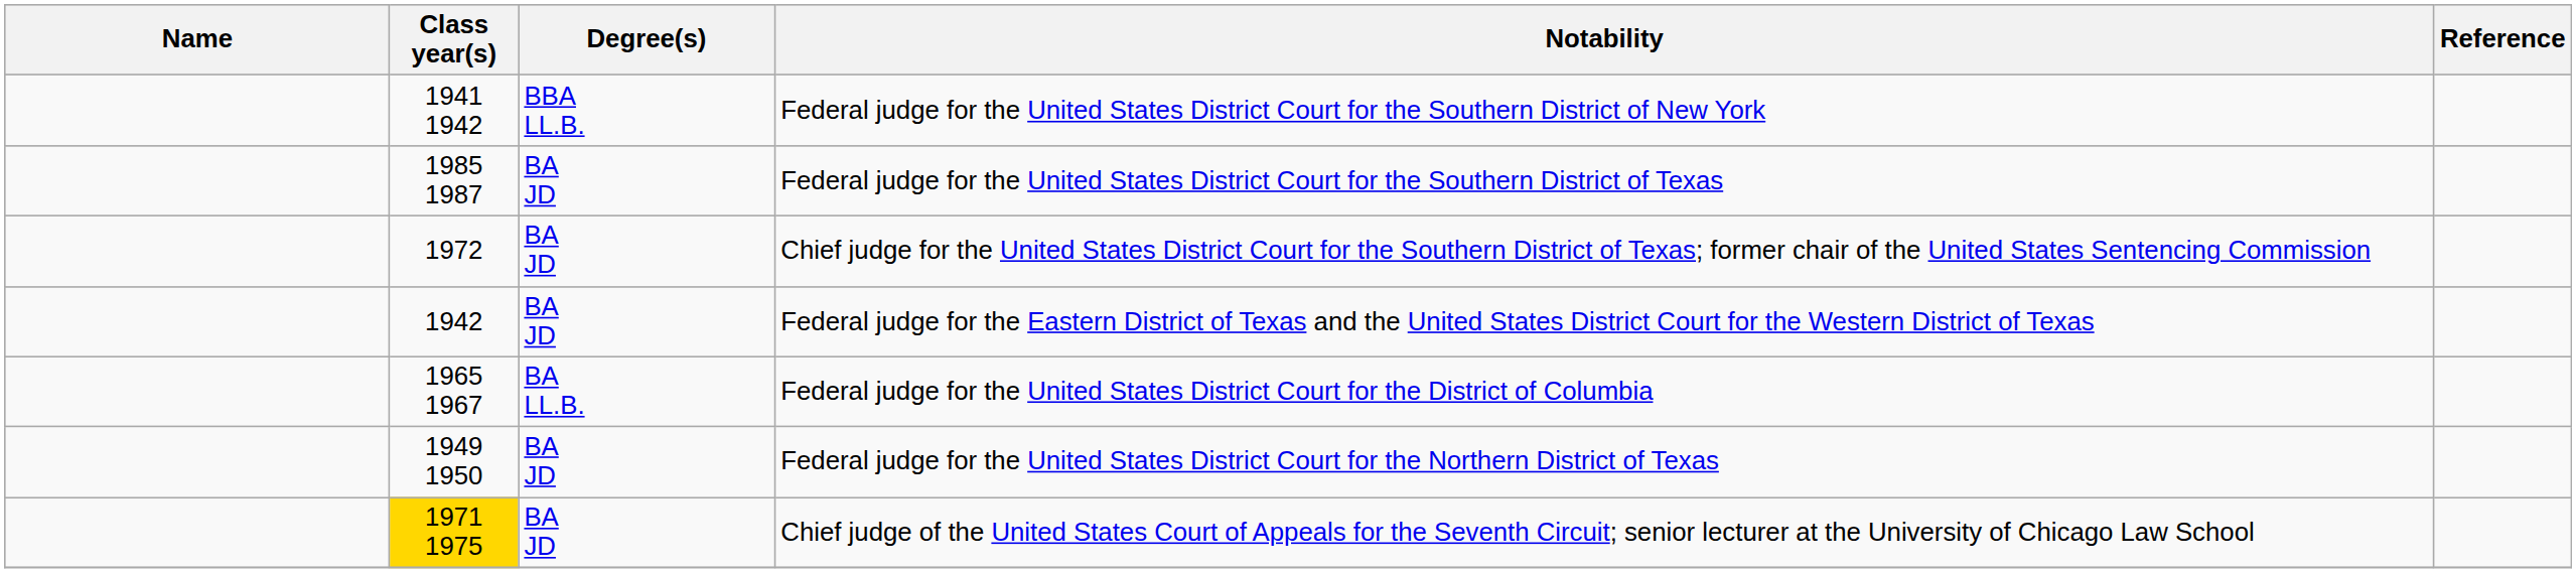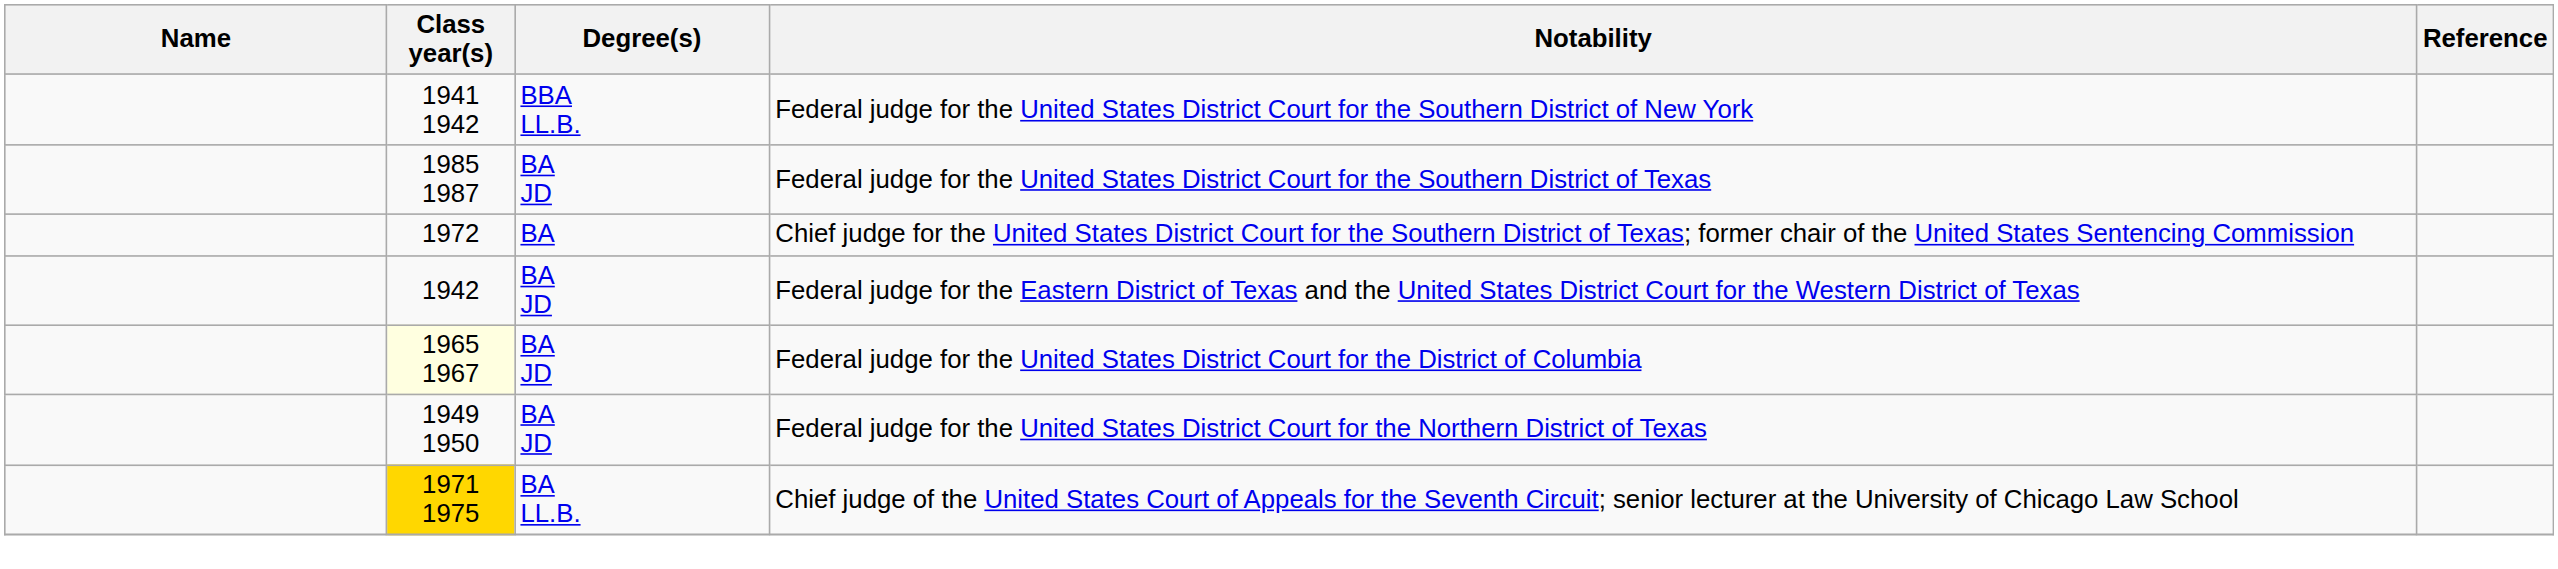 <table class="wikitable sortable" style="width:100%">
 <tr>
 <th style="width:15%;">Name</th>
 <th style="width:5%;">Class year(s)</th>
 <th style="width:10%;">Degree(s)</th>
 <th style="width:*;" class="unsortable">Notability</th>
 <th style="width:5%;" class="unsortable">Reference</th>
 </tr>
 <tr>
 <td></td>
 <td style="text-align:center;">1941<br>1942</td>
 <td><a href='#'>BBA</a><br><a href='#'>LL.B.</a></td>
 <td>Federal judge for the <a href='#'>United States District Court for the Southern District of New York</a></td>
 <td style="text-align:center;"></td>
 </tr>
 <tr>
 <td></td>
 <td style="text-align:center;">1985<br>1987</td>
 <td><a href='#'>BA</a><br><a href='#'>JD</a></td>
 <td>Federal judge for the <a href='#'>United States District Court for the Southern District of Texas</a></td>
 <td style="text-align:center;"></td>
 </tr>
 <tr>
 <td></td>
 <td style="text-align:center;">1972</td>
-<td><a href='#'>BA</a><br><a href='#'>JD</a></td>
+<td><a href='#'>BA</a></td>
 <td>Chief judge for the <a href='#'>United States District Court for the Southern District of Texas</a>; former chair of the <a href='#'>United States Sentencing Commission</a></td>
 <td style="text-align:center;"></td>
 </tr>
 <tr>
 <td></td>
 <td style="text-align:center;">1942</td>
 <td><a href='#'>BA</a><br><a href='#'>JD</a></td>
 <td>Federal judge for the <a href='#'>Eastern District of Texas</a> and the <a href='#'>United States District Court for the Western District of Texas</a></td>
 <td style="text-align:center;"></td>
 </tr>
 <tr>
 <td></td>
-<td style="text-align:center;">1965<br>1967</td>
-<td><a href='#'>BA</a><br><a href='#'>LL.B.</a></td>
+<td style="background: lightyellow; text-align:center;">1965<br>1967</td>
+<td><a href='#'>BA</a><br><a href='#'>JD</a></td>
 <td>Federal judge for the <a href='#'>United States District Court for the District of Columbia</a></td>
 <td style="text-align:center;"></td>
 </tr>
 <tr>
 <td></td>
 <td style="text-align:center;">1949<br>1950</td>
 <td><a href='#'>BA</a><br><a href='#'>JD</a></td>
 <td>Federal judge for the <a href='#'>United States District Court for the Northern District of Texas</a></td>
 <td style="text-align:center;"></td>
 </tr>
 <tr>
 <td></td>
 <td style="background: gold; text-align:center;">1971<br>1975</td>
-<td><a href='#'>BA</a><br><a href='#'>JD</a></td>
+<td><a href='#'>BA</a><br><a href='#'>LL.B.</a></td>
 <td>Chief judge of the <a href='#'>United States Court of Appeals for the Seventh Circuit</a>; senior lecturer at the University of Chicago Law School</td>
 <td style="text-align:center;"></td>
 </tr>
 <tr>
 </tr>
 </table>
